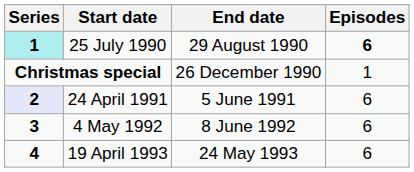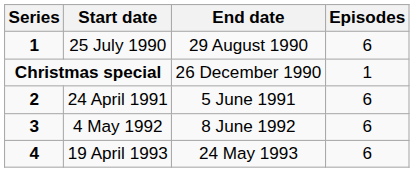 <table class="wikitable" style="text-align:center;">
 <tr>
 <th>Series</th>
 <th>Start date</th>
 <th>End date</th>
 <th>Episodes</th>
 </tr>
 <tr>
-<td style="background: paleturquoise;"><strong>1</strong></td>
+<td><strong>1</strong></td>
 <td>25 July 1990</td>
 <td>29 August 1990</td>
-<td><strong>6</strong></td>
+<td>6</td>
 </tr>
 <tr>
 <td colspan="2"><strong>Christmas special</strong></td>
 <td>26 December 1990</td>
 <td>1</td>
 </tr>
 <tr>
-<td style="background: lavender;"><strong>2</strong></td>
+<td><strong>2</strong></td>
 <td>24 April 1991</td>
 <td>5 June 1991</td>
 <td>6</td>
 </tr>
 <tr>
 <td><strong>3</strong></td>
 <td>4 May 1992</td>
 <td>8 June 1992</td>
 <td>6</td>
 </tr>
 <tr>
 <td><strong>4</strong></td>
 <td>19 April 1993</td>
 <td>24 May 1993</td>
 <td>6</td>
 </tr>
 </table>
